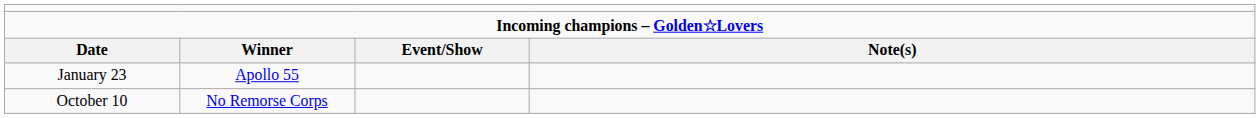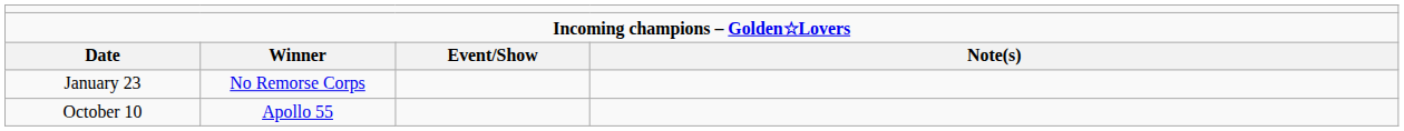 <table class="wikitable" style="text-align:center; width:100%;">
 <tr>
 <td colspan="5"></td>
 </tr>
 <tr>
 <td colspan="5"><strong>Incoming champions – <a href='#'>Golden☆Lovers</a> </strong></td>
 </tr>
 <tr>
 <th width=14%>Date</th>
 <th width=14%>Winner</th>
 <th width=14%>Event/Show</th>
 <th width=58%>Note(s)</th>
 </tr>
 <tr>
 <td>January 23</td>
-<td><a href='#'>Apollo 55</a><br></td>
+<td><a href='#'>No Remorse Corps</a><br></td>
 <td></td>
 <td align=left></td>
 </tr>
 <tr>
 <td>October 10</td>
-<td><a href='#'>No Remorse Corps</a><br></td>
+<td><a href='#'>Apollo 55</a><br></td>
 <td></td>
 <td align=left></td>
 </tr>
 </table>
